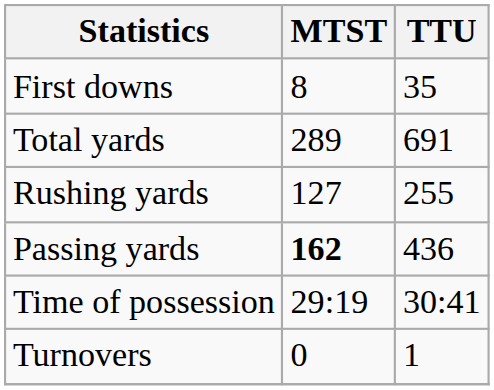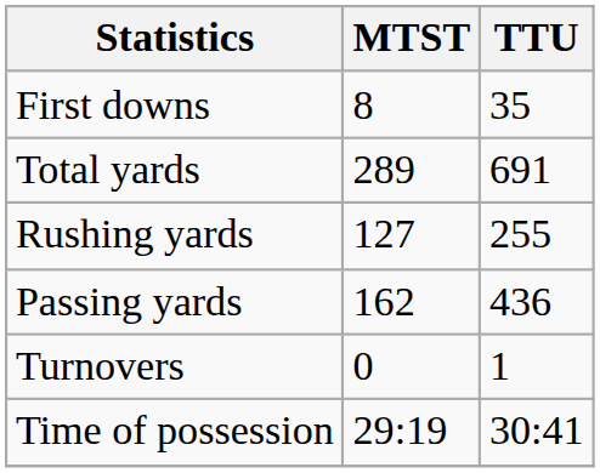 <table class="wikitable">
 <tr>
 <th>Statistics</th>
 <th>MTST</th>
 <th>TTU</th>
 </tr>
 <tr>
 <td>First downs</td>
 <td>8</td>
 <td>35</td>
 </tr>
 <tr>
 <td>Total yards</td>
 <td>289</td>
 <td>691</td>
 </tr>
 <tr>
 <td>Rushing yards</td>
 <td>127</td>
 <td>255</td>
 </tr>
 <tr>
 <td>Passing yards</td>
-<td><strong>162</strong></td>
+<td>162</td>
 <td>436</td>
+</tr>
+<tr>
+<td>Turnovers</td>
+<td>0</td>
+<td>1</td>
 </tr>
 <tr>
 <td>Time of possession</td>
 <td>29:19</td>
 <td>30:41</td>
 </tr>
 <tr>
-<td>Turnovers</td>
-<td>0</td>
-<td>1</td>
-</tr>
-<tr>
 </tr>
 </table>
